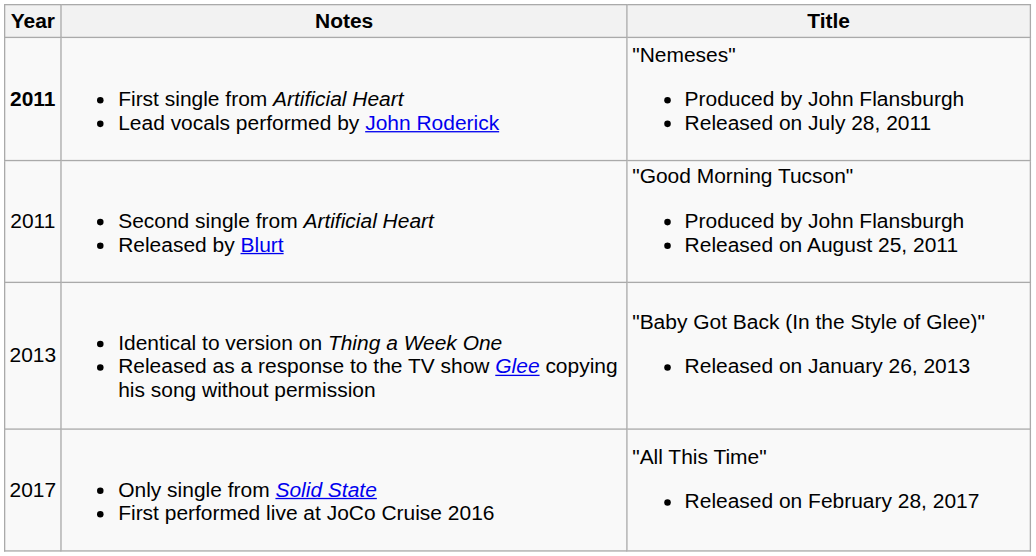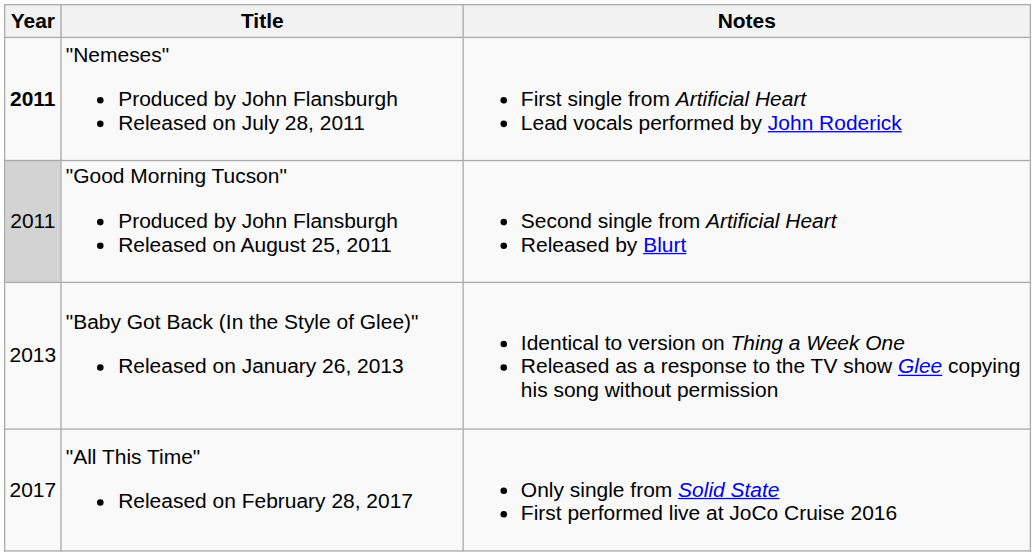 <table class="wikitable">
 <tr>
 <th style="width:33px;">Year</th>
+<th style="width:300px;">Title</th>
 <th style="width:425px;">Notes</th>
-<th style="width:300px;">Title</th>
 </tr>
 <tr>
 <td style="text-align:center;"><strong>2011</strong></td>
+<td>"Nemeses"<br><ul><li>Produced by John Flansburgh</li><li>Released on July 28, 2011</li></ul></td>
 <td><br><ul><li>First single from <em>Artificial Heart</em></li><li>Lead vocals performed by <a href='#'>John Roderick</a></li></ul></td>
-<td>"Nemeses"<br><ul><li>Produced by John Flansburgh</li><li>Released on July 28, 2011</li></ul></td>
 </tr>
 <tr>
-<td style="text-align:center;">2011</td>
+<td style="background: lightgrey; text-align:center;">2011</td>
+<td>"Good Morning Tucson"<br><ul><li>Produced by John Flansburgh</li><li>Released on August 25, 2011</li></ul></td>
 <td><br><ul><li>Second single from <em>Artificial Heart</em></li><li>Released by <a href='#'>Blurt</a></li></ul></td>
-<td>"Good Morning Tucson"<br><ul><li>Produced by John Flansburgh</li><li>Released on August 25, 2011</li></ul></td>
 </tr>
 <tr>
 <td style="text-align:center;">2013</td>
+<td>"Baby Got Back (In the Style of Glee)"<br><ul><li>Released on January 26, 2013</li></ul></td>
 <td><br><ul><li>Identical to version on <em>Thing a Week One</em></li><li>Released as a response to the TV show <em><a href='#'>Glee</a></em> copying his song without permission</li></ul></td>
-<td>"Baby Got Back (In the Style of Glee)"<br><ul><li>Released on January 26, 2013</li></ul></td>
 </tr>
 <tr>
 <td style="text-align:center;">2017</td>
+<td>"All This Time"<br><ul><li>Released on February 28, 2017</li></ul></td>
 <td><br><ul><li>Only single from <em><a href='#'>Solid State</a></em> </li><li>First performed live at JoCo Cruise 2016 </li></ul></td>
-<td>"All This Time"<br><ul><li>Released on February 28, 2017</li></ul></td>
 </tr>
 </table>
